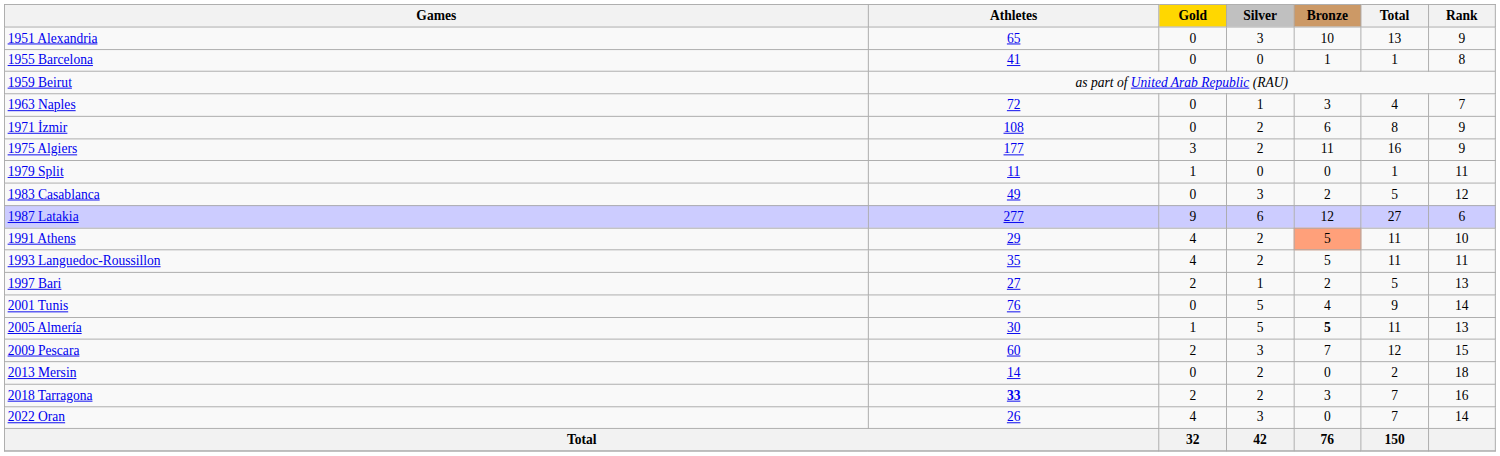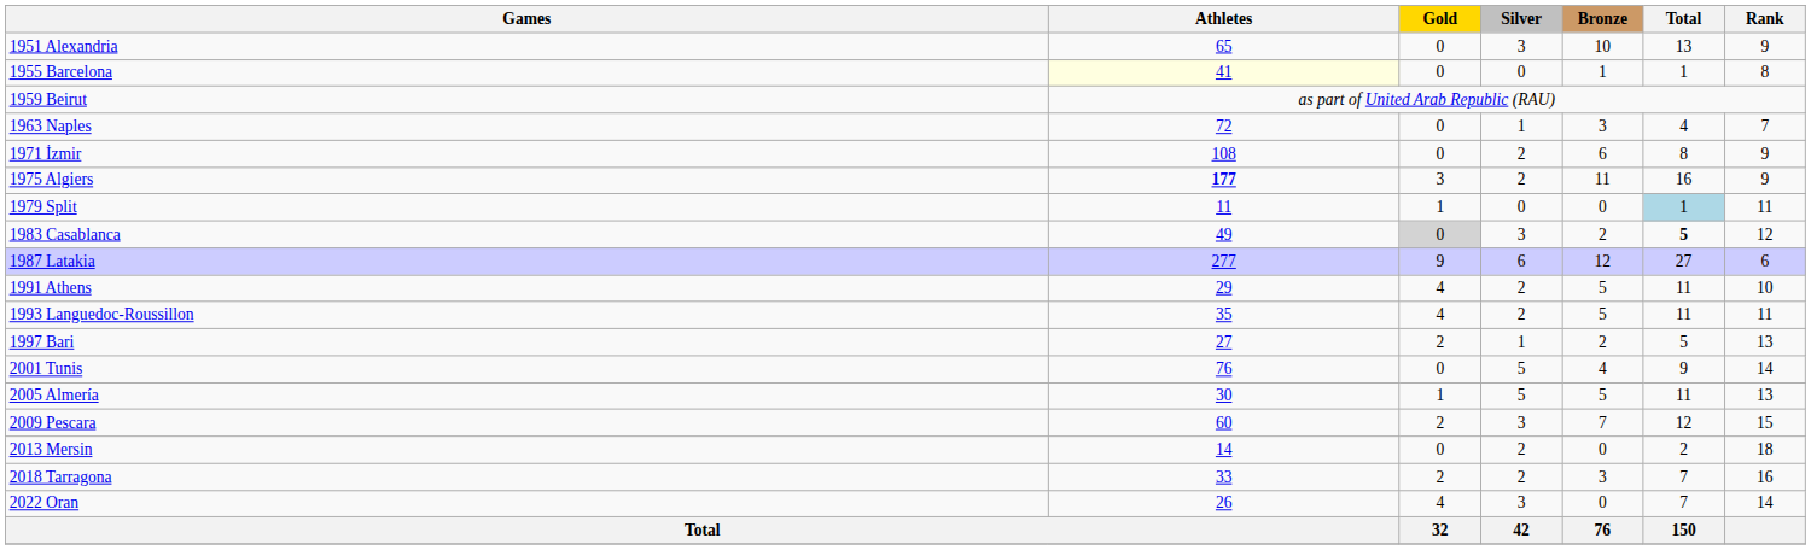 <table class="wikitable" width=80% style="font-size:90%; text-align:center;">
 <tr>
 <th>Games</th>
 <th>Athletes</th>
 <td style="background:gold; width:4.5em; font-weight:bold;">Gold</td>
 <td style="background:silver; width:4.5em; font-weight:bold;">Silver</td>
 <td style="background:#cc9966; width:4.5em; font-weight:bold;">Bronze</td>
 <th style="width:4.5em; font-weight:bold;">Total</th>
 <th style="width:4.5em; font-weight:bold;">Rank</th>
 </tr>
 <tr>
 <td align=left><a href='#'>1951 Alexandria</a></td>
 <td><a href='#'>65</a></td>
 <td>0</td>
 <td>3</td>
 <td>10</td>
 <td>13</td>
 <td>9</td>
 </tr>
 <tr>
 <td align=left><a href='#'>1955 Barcelona</a></td>
-<td><a href='#'>41</a></td>
+<td style="background: lightyellow;"><a href='#'>41</a></td>
 <td>0</td>
 <td>0</td>
 <td>1</td>
 <td>1</td>
 <td>8</td>
 </tr>
 <tr>
 <td align=left><a href='#'>1959 Beirut</a></td>
 <td colspan=6><em>as part of  <a href='#'>United Arab Republic</a> (RAU)</em></td>
 </tr>
 <tr>
 <td align=left><a href='#'>1963 Naples</a></td>
 <td><a href='#'>72</a></td>
 <td>0</td>
 <td>1</td>
 <td>3</td>
 <td>4</td>
 <td>7</td>
 </tr>
 <tr>
 <td align=left><a href='#'>1971 İzmir</a></td>
 <td><a href='#'>108</a></td>
 <td>0</td>
 <td>2</td>
 <td>6</td>
 <td>8</td>
 <td>9</td>
 </tr>
 <tr>
 <td align=left><a href='#'>1975 Algiers</a></td>
-<td><a href='#'>177</a></td>
+<td><strong><a href='#'>177</a></strong></td>
 <td>3</td>
 <td>2</td>
 <td>11</td>
 <td>16</td>
 <td>9</td>
 </tr>
 <tr>
 <td align=left><a href='#'>1979 Split</a></td>
 <td><a href='#'>11</a></td>
 <td>1</td>
 <td>0</td>
 <td>0</td>
-<td>1</td>
+<td style="background: lightblue;">1</td>
 <td>11</td>
 </tr>
 <tr>
 <td align=left><a href='#'>1983 Casablanca</a></td>
 <td><a href='#'>49</a></td>
-<td>0</td>
+<td style="background: lightgrey;">0</td>
 <td>3</td>
 <td>2</td>
-<td>5</td>
+<td><strong>5</strong></td>
 <td>12</td>
 </tr>
 <tr style="background:#ccccff">
 <td align=left><a href='#'>1987 Latakia</a></td>
 <td><a href='#'>277</a></td>
 <td>9</td>
 <td>6</td>
 <td>12</td>
 <td>27</td>
 <td>6</td>
 </tr>
 <tr>
 <td align=left><a href='#'>1991 Athens</a></td>
 <td><a href='#'>29</a></td>
 <td>4</td>
 <td>2</td>
-<td style="background: lightsalmon;">5</td>
+<td>5</td>
 <td>11</td>
 <td>10</td>
 </tr>
 <tr>
 <td align=left><a href='#'>1993 Languedoc-Roussillon</a></td>
 <td><a href='#'>35</a></td>
 <td>4</td>
 <td>2</td>
 <td>5</td>
 <td>11</td>
 <td>11</td>
 </tr>
 <tr>
 <td align=left><a href='#'>1997 Bari</a></td>
 <td><a href='#'>27</a></td>
 <td>2</td>
 <td>1</td>
 <td>2</td>
 <td>5</td>
 <td>13</td>
 </tr>
 <tr>
 <td align=left><a href='#'>2001 Tunis</a></td>
 <td><a href='#'>76</a></td>
 <td>0</td>
 <td>5</td>
 <td>4</td>
 <td>9</td>
 <td>14</td>
 </tr>
 <tr>
 <td align=left><a href='#'>2005 Almería</a></td>
 <td><a href='#'>30</a></td>
 <td>1</td>
 <td>5</td>
-<td><strong>5</strong></td>
+<td>5</td>
 <td>11</td>
 <td>13</td>
 </tr>
 <tr>
 <td align=left><a href='#'>2009 Pescara</a></td>
 <td><a href='#'>60</a></td>
 <td>2</td>
 <td>3</td>
 <td>7</td>
 <td>12</td>
 <td>15</td>
 </tr>
 <tr>
 <td align=left><a href='#'>2013 Mersin</a></td>
 <td><a href='#'>14</a></td>
 <td>0</td>
 <td>2</td>
 <td>0</td>
 <td>2</td>
 <td>18</td>
 </tr>
 <tr>
 <td align=left><a href='#'>2018 Tarragona</a></td>
-<td><strong><a href='#'>33</a></strong></td>
+<td><a href='#'>33</a></td>
 <td>2</td>
 <td>2</td>
 <td>3</td>
 <td>7</td>
 <td>16</td>
 </tr>
 <tr>
 <td align=left><a href='#'>2022 Oran</a></td>
 <td><a href='#'>26</a></td>
 <td>4</td>
 <td>3</td>
 <td>0</td>
 <td>7</td>
 <td>14</td>
 </tr>
 <tr style="width:4em;">
 <th colspan=2>Total</th>
 <th>32</th>
 <th>42</th>
 <th>76</th>
 <th>150</th>
 <th></th>
 </tr>
 <tr class="sortbottom">
 </tr>
 </table>
